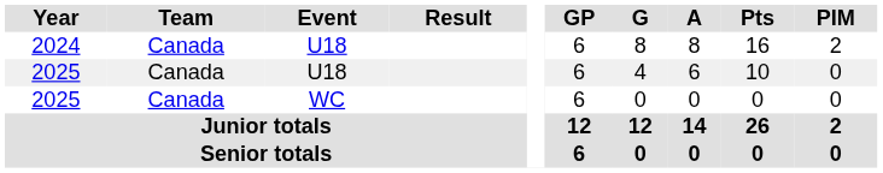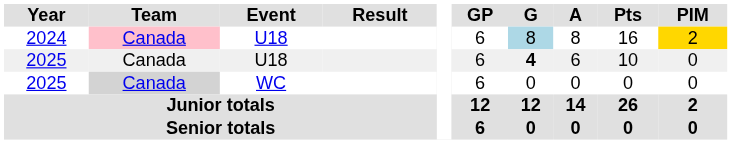 <table border="0" cellpadding="1" cellspacing="0" style="text-align:center; width:40em">
 <tr ALIGN="centre" bgcolor="#e0e0e0">
 <th>Year</th>
 <th>Team</th>
 <th>Event</th>
 <th>Result</th>
 <th rowspan="97" bgcolor="#ffffff"> </th>
 <th>GP</th>
 <th>G</th>
 <th>A</th>
 <th>Pts</th>
 <th>PIM</th>
 </tr>
 <tr>
 <td><a href='#'>2024</a></td>
-<td><a href='#'>Canada</a></td>
+<td style="background: pink;"><a href='#'>Canada</a></td>
 <td><a href='#'>U18</a></td>
 <td></td>
 <td>6</td>
-<td>8</td>
+<td style="background: lightblue;">8</td>
 <td>8</td>
 <td>16</td>
-<td>2</td>
+<td style="background: gold;">2</td>
 </tr>
 <tr style="background-color: #f0f0f0;">
 <td><a href='#'>2025</a></td>
 <td>Canada</td>
 <td>U18</td>
 <td></td>
 <td>6</td>
-<td>4</td>
+<td><strong>4</strong></td>
 <td>6</td>
 <td>10</td>
 <td>0</td>
 </tr>
 <tr>
 <td><a href='#'>2025</a></td>
-<td><a href='#'>Canada</a></td>
+<td style="background: lightgrey;"><a href='#'>Canada</a></td>
 <td><a href='#'>WC</a></td>
 <td></td>
 <td>6</td>
 <td>0</td>
 <td>0</td>
 <td>0</td>
 <td>0</td>
 </tr>
 <tr bgcolor="e0e0e0">
 <th colspan="4">Junior totals</th>
 <th>12</th>
 <th>12</th>
 <th>14</th>
 <th>26</th>
 <th>2</th>
 </tr>
 <tr bgcolor="e0e0e0">
 <th colspan="4">Senior totals</th>
 <th>6</th>
 <th>0</th>
 <th>0</th>
 <th>0</th>
 <th>0</th>
 </tr>
 </table>
